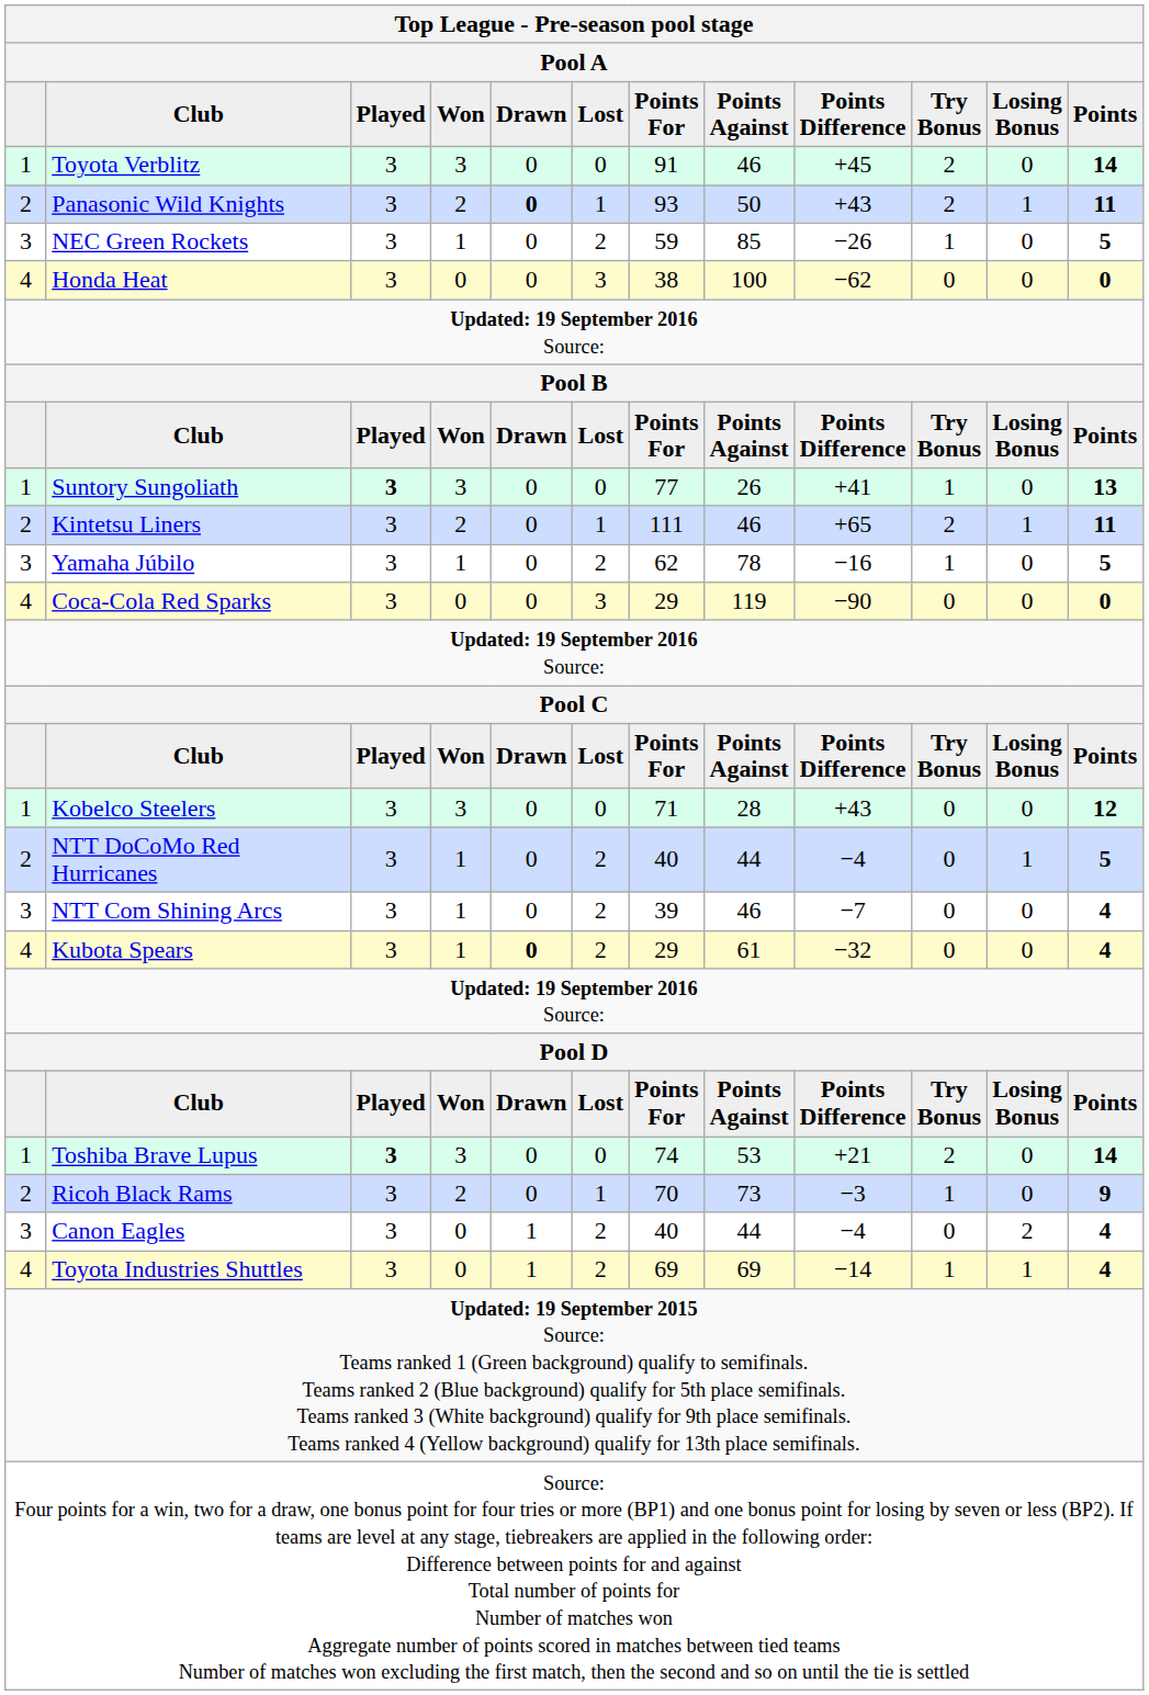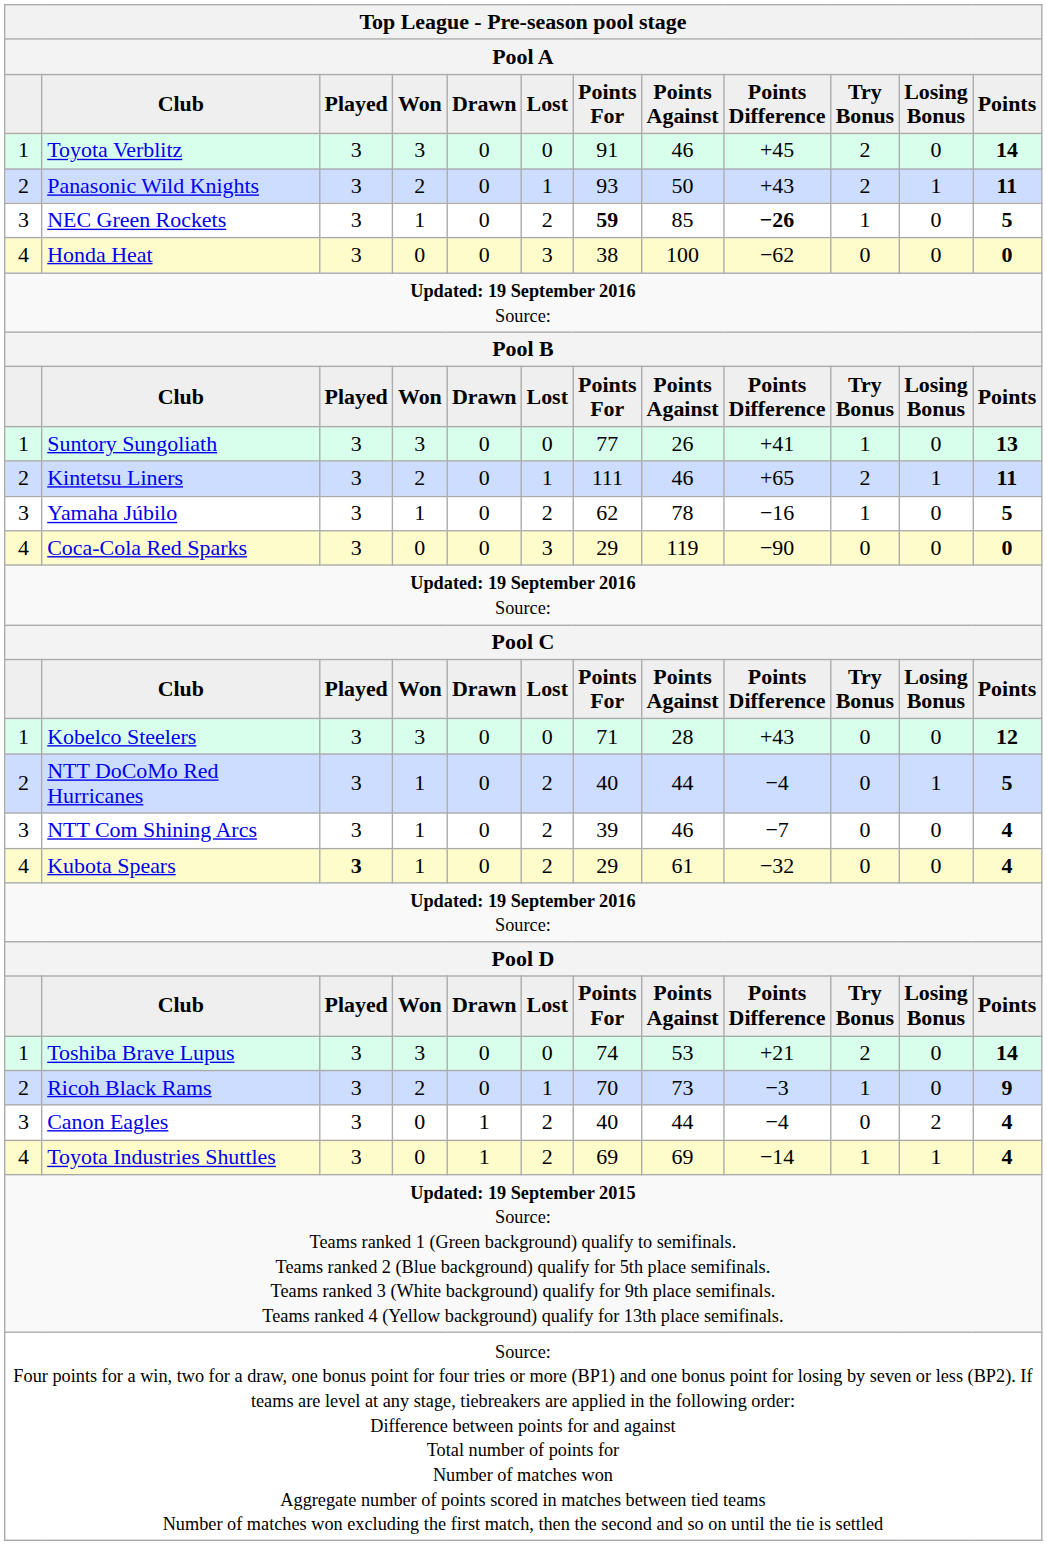 <table class="wikitable collapsible collapsed"  style="text-align: center;">
 <tr style="background:#f9f9f9;">
 <th colspan="15" cellpadding="0" cellspacing="0">Top League - Pre-season pool stage</th>
 </tr>
 <tr style="background:#f3f3f3;">
 <td colspan="15" cellpadding="0" cellspacing="0"><strong>Pool A</strong></td>
 </tr>
 <tr>
 <th style="background:#efefef; width:20px;"></th>
 <th style="background:#efefef; width:195px;">Club</th>
 <th style="background:#efefef; width:20px;">Played</th>
 <th style="background:#efefef; width:20px;">Won</th>
 <th style="background:#efefef; width:20px;">Drawn</th>
 <th style="background:#efefef; width:20px;">Lost</th>
 <th style="background:#efefef; width:20px;">Points For</th>
 <th style="background:#efefef; width:20px;">Points Against</th>
 <th style="background:#efefef; width:20px;">Points Difference</th>
 <th style="background:#efefef; width:20px;">Try Bonus</th>
 <th style="background:#efefef; width:20px;">Losing Bonus</th>
 <th style="background:#efefef; width:20px;">Points<br></th>
 </tr>
 <tr style="background:#d8ffeb; text-align:center;">
 <td>1</td>
 <td align=left><a href='#'>Toyota Verblitz</a></td>
 <td>3</td>
 <td>3</td>
 <td>0</td>
 <td>0</td>
 <td>91</td>
 <td>46</td>
 <td>+45</td>
 <td>2</td>
 <td>0</td>
 <td><strong>14</strong></td>
 </tr>
 <tr style="background:#cdf; text-align:center;">
 <td>2</td>
 <td align=left><a href='#'>Panasonic Wild Knights</a></td>
 <td>3</td>
 <td>2</td>
-<td><strong>0</strong></td>
+<td>0</td>
 <td>1</td>
 <td>93</td>
 <td>50</td>
 <td>+43</td>
 <td>2</td>
 <td>1</td>
 <td><strong>11</strong></td>
 </tr>
 <tr style="background:#fff; text-align:center;">
 <td>3</td>
 <td align=left><a href='#'>NEC Green Rockets</a></td>
 <td>3</td>
 <td>1</td>
 <td>0</td>
 <td>2</td>
-<td>59</td>
+<td><strong>59</strong></td>
 <td>85</td>
-<td>−26</td>
+<td><strong>−26</strong></td>
 <td>1</td>
 <td>0</td>
 <td><strong>5</strong></td>
 </tr>
 <tr style="background:#fffccc; text-align:center;">
 <td>4</td>
 <td align=left><a href='#'>Honda Heat</a></td>
 <td>3</td>
 <td>0</td>
 <td>0</td>
 <td>3</td>
 <td>38</td>
 <td>100</td>
 <td>−62</td>
 <td>0</td>
 <td>0</td>
 <td><strong>0</strong></td>
 </tr>
 <tr style="background:#f9f9f9; text-align:center;">
 <td colspan="15" style="border:0;"><small><strong>Updated: 19 September 2016</strong> <br>Source: </small></td>
 </tr>
 <tr style="background:#f3f3f3;">
 <td colspan="15" cellpadding="0" cellspacing="0"><strong>Pool B</strong></td>
 </tr>
 <tr>
 <th style="background:#efefef; width:20px;"></th>
 <th style="background:#efefef; width:195px;">Club</th>
 <th style="background:#efefef; width:20px;">Played</th>
 <th style="background:#efefef; width:20px;">Won</th>
 <th style="background:#efefef; width:20px;">Drawn</th>
 <th style="background:#efefef; width:20px;">Lost</th>
 <th style="background:#efefef; width:20px;">Points For</th>
 <th style="background:#efefef; width:20px;">Points Against</th>
 <th style="background:#efefef; width:20px;">Points Difference</th>
 <th style="background:#efefef; width:20px;">Try Bonus</th>
 <th style="background:#efefef; width:20px;">Losing Bonus</th>
 <th style="background:#efefef; width:20px;">Points<br></th>
 </tr>
 <tr style="background:#d8ffeb; text-align:center;">
 <td>1</td>
 <td align=left><a href='#'>Suntory Sungoliath</a></td>
-<td><strong>3</strong></td>
+<td>3</td>
 <td>3</td>
 <td>0</td>
 <td>0</td>
 <td>77</td>
 <td>26</td>
 <td>+41</td>
 <td>1</td>
 <td>0</td>
 <td><strong>13</strong></td>
 </tr>
 <tr style="background:#cdf; text-align:center;">
 <td>2</td>
 <td align=left><a href='#'>Kintetsu Liners</a></td>
 <td>3</td>
 <td>2</td>
 <td>0</td>
 <td>1</td>
 <td>111</td>
 <td>46</td>
 <td>+65</td>
 <td>2</td>
 <td>1</td>
 <td><strong>11</strong></td>
 </tr>
 <tr style="background:#fff; text-align:center;">
 <td>3</td>
 <td align=left><a href='#'>Yamaha Júbilo</a></td>
 <td>3</td>
 <td>1</td>
 <td>0</td>
 <td>2</td>
 <td>62</td>
 <td>78</td>
 <td>−16</td>
 <td>1</td>
 <td>0</td>
 <td><strong>5</strong></td>
 </tr>
 <tr style="background:#fffccc; text-align:center;">
 <td>4</td>
 <td align=left><a href='#'>Coca-Cola Red Sparks</a></td>
 <td>3</td>
 <td>0</td>
 <td>0</td>
 <td>3</td>
 <td>29</td>
 <td>119</td>
 <td>−90</td>
 <td>0</td>
 <td>0</td>
 <td><strong>0</strong></td>
 </tr>
 <tr style="background:#f9f9f9; text-align:center;">
 <td colspan="15" style="border:0;"><small><strong>Updated: 19 September 2016</strong> <br>Source: </small></td>
 </tr>
 <tr style="background:#f3f3f3;">
 <td colspan="15" cellpadding="0" cellspacing="0"><strong>Pool C</strong></td>
 </tr>
 <tr>
 <th style="background:#efefef; width:20px;"></th>
 <th style="background:#efefef; width:195px;">Club</th>
 <th style="background:#efefef; width:20px;">Played</th>
 <th style="background:#efefef; width:20px;">Won</th>
 <th style="background:#efefef; width:20px;">Drawn</th>
 <th style="background:#efefef; width:20px;">Lost</th>
 <th style="background:#efefef; width:20px;">Points For</th>
 <th style="background:#efefef; width:20px;">Points Against</th>
 <th style="background:#efefef; width:20px;">Points Difference</th>
 <th style="background:#efefef; width:20px;">Try Bonus</th>
 <th style="background:#efefef; width:20px;">Losing Bonus</th>
 <th style="background:#efefef; width:20px;">Points<br></th>
 </tr>
 <tr style="background:#d8ffeb; text-align:center;">
 <td>1</td>
 <td align=left><a href='#'>Kobelco Steelers</a></td>
 <td>3</td>
 <td>3</td>
 <td>0</td>
 <td>0</td>
 <td>71</td>
 <td>28</td>
 <td>+43</td>
 <td>0</td>
 <td>0</td>
 <td><strong>12</strong></td>
 </tr>
 <tr style="background:#cdf; text-align:center;">
 <td>2</td>
 <td align=left><a href='#'>NTT DoCoMo Red Hurricanes</a></td>
 <td>3</td>
 <td>1</td>
 <td>0</td>
 <td>2</td>
 <td>40</td>
 <td>44</td>
 <td>−4</td>
 <td>0</td>
 <td>1</td>
 <td><strong>5</strong></td>
 </tr>
 <tr style="background:#fff; text-align:center;">
 <td>3</td>
 <td align=left><a href='#'>NTT Com Shining Arcs</a></td>
 <td>3</td>
 <td>1</td>
 <td>0</td>
 <td>2</td>
 <td>39</td>
 <td>46</td>
 <td>−7</td>
 <td>0</td>
 <td>0</td>
 <td><strong>4</strong></td>
 </tr>
 <tr style="background:#fffccc; text-align:center;">
 <td>4</td>
 <td align=left><a href='#'>Kubota Spears</a></td>
-<td>3</td>
+<td><strong>3</strong></td>
 <td>1</td>
-<td><strong>0</strong></td>
+<td>0</td>
 <td>2</td>
 <td>29</td>
 <td>61</td>
 <td>−32</td>
 <td>0</td>
 <td>0</td>
 <td><strong>4</strong></td>
 </tr>
 <tr style="background:#f9f9f9; text-align:center;">
 <td colspan="15" style="border:0;"><small><strong>Updated: 19 September 2016</strong> <br>Source: </small></td>
 </tr>
 <tr |align=left|>
 </tr>
 <tr style="background:#f3f3f3;">
 <td colspan="15" cellpadding="0" cellspacing="0"><strong>Pool D</strong></td>
 </tr>
 <tr style="font-weight: bold;">
 <td style="background:#efefef; width:20px;"></td>
 <td style="background:#efefef; width:195px;">Club</td>
 <td style="background:#efefef; width:20px;">Played</td>
 <td style="background:#efefef; width:20px;">Won</td>
 <td style="background:#efefef; width:20px;">Drawn</td>
 <td style="background:#efefef; width:20px;">Lost</td>
 <td style="background:#efefef; width:20px;">Points For</td>
 <td style="background:#efefef; width:20px;">Points Against</td>
 <td style="background:#efefef; width:20px;">Points Difference</td>
 <td style="background:#efefef; width:20px;">Try Bonus</td>
 <td style="background:#efefef; width:20px;">Losing Bonus</td>
 <td style="background:#efefef; width:20px;">Points<br></td>
 </tr>
 <tr style="background:#d8ffeb; text-align:center;">
 <td>1</td>
 <td align=left><a href='#'>Toshiba Brave Lupus</a></td>
-<td><strong>3</strong></td>
+<td>3</td>
 <td>3</td>
 <td>0</td>
 <td>0</td>
 <td>74</td>
 <td>53</td>
 <td>+21</td>
 <td>2</td>
 <td>0</td>
 <td><strong>14</strong></td>
 </tr>
 <tr style="background:#cdf; text-align:center;">
 <td>2</td>
 <td align=left><a href='#'>Ricoh Black Rams</a></td>
 <td>3</td>
 <td>2</td>
 <td>0</td>
 <td>1</td>
 <td>70</td>
 <td>73</td>
 <td>−3</td>
 <td>1</td>
 <td>0</td>
 <td><strong>9</strong></td>
 </tr>
 <tr style="background:#fff; text-align:center;">
 <td>3</td>
 <td align=left><a href='#'>Canon Eagles</a></td>
 <td>3</td>
 <td>0</td>
 <td>1</td>
 <td>2</td>
 <td>40</td>
 <td>44</td>
 <td>−4</td>
 <td>0</td>
 <td>2</td>
 <td><strong>4</strong></td>
 </tr>
 <tr style="background:#fffccc; text-align:center;">
 <td>4</td>
 <td align=left><a href='#'>Toyota Industries Shuttles</a></td>
 <td>3</td>
 <td>0</td>
 <td>1</td>
 <td>2</td>
 <td>69</td>
 <td>69</td>
 <td>−14</td>
 <td>1</td>
 <td>1</td>
 <td><strong>4</strong></td>
 </tr>
 <tr style="background:#f9f9f9; text-align:center;">
 <td colspan="15" style="border:0;"><small><strong>Updated: 19 September 2015</strong> <br>Source: </small><br><small>Teams ranked 1 <span>(Green background)</span> qualify to semifinals.</small><br> <small>Teams ranked 2 <span>(Blue background)</span> qualify for 5th place semifinals.</small><br> <small>Teams ranked 3 <span>(White background)</span> qualify for 9th place semifinals.</small><br> <small>Teams ranked 4 <span>(Yellow background)</span> qualify for 13th place semifinals.</small></td>
 </tr>
 <tr style="background:#fff; text-align:center;">
 <td colspan="15"><small>Source: </small><br><small>Four points for a win, two for a draw, one bonus point for four tries or more (BP1) and one bonus point for losing by seven or less (BP2). If teams are level at any stage, tiebreakers are applied in the following order:</small><br>  <small>Difference between points for and against</small><br>  <small>Total number of points for</small><br>  <small>Number of matches won</small><br>  <small>Aggregate number of points scored in matches between tied teams</small><br>  <small>Number of matches won excluding the first match, then the second and so on until the tie is settled</small><br></td>
 </tr>
 <tr |align=left|>
 </tr>
 </table>
